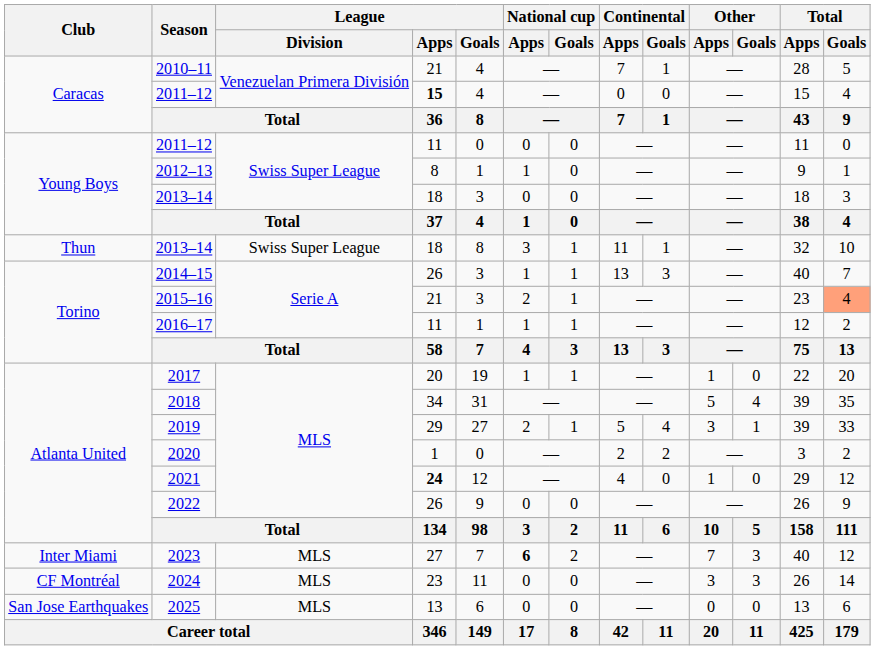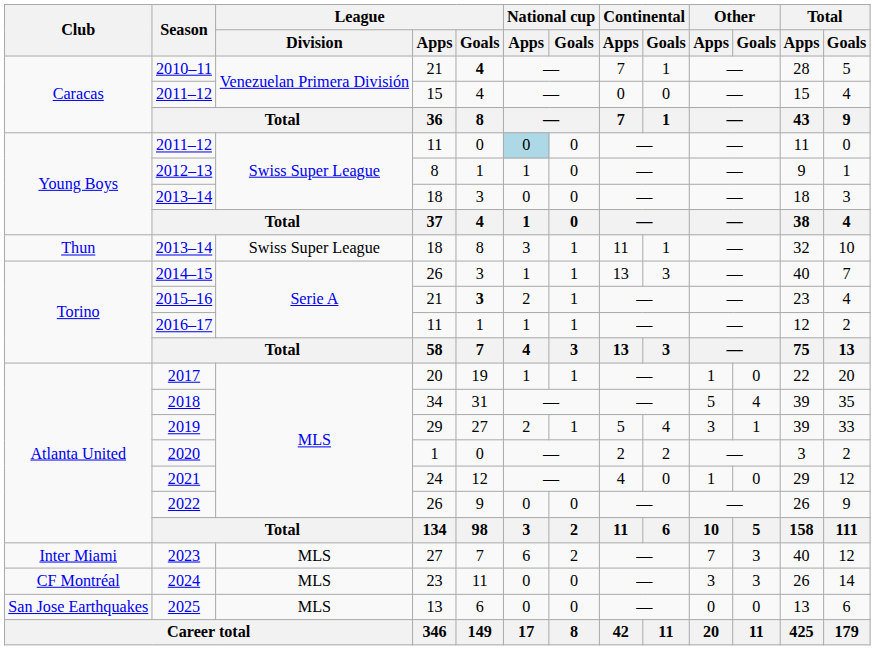 <table class="wikitable" style="text-align:center">
 <tr>
 <th rowspan="2">Club</th>
 <th rowspan="2">Season</th>
 <th colspan="3">League</th>
 <th colspan="2">National cup</th>
 <th colspan="2">Continental</th>
 <th colspan="2">Other</th>
 <th colspan="2">Total</th>
 </tr>
 <tr>
 <th>Division</th>
 <th>Apps</th>
 <th>Goals</th>
 <th>Apps</th>
 <th>Goals</th>
 <th>Apps</th>
 <th>Goals</th>
 <th>Apps</th>
 <th>Goals</th>
 <th>Apps</th>
 <th>Goals</th>
 </tr>
 <tr>
 <td rowspan="3"><a href='#'>Caracas</a></td>
 <td><a href='#'>2010–11</a></td>
 <td rowspan="2"><a href='#'>Venezuelan Primera División</a></td>
 <td>21</td>
-<td>4</td>
+<td><strong>4</strong></td>
 <td colspan="2">—</td>
 <td>7</td>
 <td>1</td>
 <td colspan="2">—</td>
 <td>28</td>
 <td>5</td>
 </tr>
 <tr>
 <td><a href='#'>2011–12</a></td>
-<td><strong>15</strong></td>
+<td>15</td>
 <td>4</td>
 <td colspan="2">—</td>
 <td>0</td>
 <td>0</td>
 <td colspan="2">—</td>
 <td>15</td>
 <td>4</td>
 </tr>
 <tr>
 <th colspan="2">Total</th>
 <th>36</th>
 <th>8</th>
 <th colspan="2">—</th>
 <th>7</th>
 <th>1</th>
 <th colspan="2">—</th>
 <th>43</th>
 <th>9</th>
 </tr>
 <tr>
 <td rowspan="4"><a href='#'>Young Boys</a></td>
 <td><a href='#'>2011–12</a></td>
 <td rowspan="3"><a href='#'>Swiss Super League</a></td>
 <td>11</td>
 <td>0</td>
-<td>0</td>
+<td style="background: lightblue;">0</td>
 <td>0</td>
 <td colspan="2">—</td>
 <td colspan="2">—</td>
 <td>11</td>
 <td>0</td>
 </tr>
 <tr>
 <td><a href='#'>2012–13</a></td>
 <td>8</td>
 <td>1</td>
 <td>1</td>
 <td>0</td>
 <td colspan="2">—</td>
 <td colspan="2">—</td>
 <td>9</td>
 <td>1</td>
 </tr>
 <tr>
 <td><a href='#'>2013–14</a></td>
 <td>18</td>
 <td>3</td>
 <td>0</td>
 <td>0</td>
 <td colspan="2">—</td>
 <td colspan="2">—</td>
 <td>18</td>
 <td>3</td>
 </tr>
 <tr>
 <th colspan="2">Total</th>
 <th>37</th>
 <th>4</th>
 <th>1</th>
 <th>0</th>
 <th colspan="2">—</th>
 <th colspan="2">—</th>
 <th>38</th>
 <th>4</th>
 </tr>
 <tr>
 <td><a href='#'>Thun</a></td>
 <td><a href='#'>2013–14</a></td>
 <td>Swiss Super League</td>
 <td>18</td>
 <td>8</td>
 <td>3</td>
 <td>1</td>
 <td>11</td>
 <td>1</td>
 <td colspan="2">—</td>
 <td>32</td>
 <td>10</td>
 </tr>
 <tr>
 <td rowspan="4"><a href='#'>Torino</a></td>
 <td><a href='#'>2014–15</a></td>
 <td rowspan="3"><a href='#'>Serie A</a></td>
 <td>26</td>
 <td>3</td>
 <td>1</td>
 <td>1</td>
 <td>13</td>
 <td>3</td>
 <td colspan="2">—</td>
 <td>40</td>
 <td>7</td>
 </tr>
 <tr>
 <td><a href='#'>2015–16</a></td>
 <td>21</td>
-<td>3</td>
+<td><strong>3</strong></td>
 <td>2</td>
 <td>1</td>
 <td colspan="2">—</td>
 <td colspan="2">—</td>
 <td>23</td>
-<td style="background: lightsalmon;">4</td>
+<td>4</td>
 </tr>
 <tr>
 <td><a href='#'>2016–17</a></td>
 <td>11</td>
 <td>1</td>
 <td>1</td>
 <td>1</td>
 <td colspan="2">—</td>
 <td colspan="2">—</td>
 <td>12</td>
 <td>2</td>
 </tr>
 <tr>
 <th colspan="2">Total</th>
 <th>58</th>
 <th>7</th>
 <th>4</th>
 <th>3</th>
 <th>13</th>
 <th>3</th>
 <th colspan="2">—</th>
 <th>75</th>
 <th>13</th>
 </tr>
 <tr>
 <td rowspan="7"><a href='#'>Atlanta United</a></td>
 <td><a href='#'>2017</a></td>
 <td rowspan="6"><a href='#'>MLS</a></td>
 <td>20</td>
 <td>19</td>
 <td>1</td>
 <td>1</td>
 <td colspan="2">—</td>
 <td>1</td>
 <td>0</td>
 <td>22</td>
 <td>20</td>
 </tr>
 <tr>
 <td><a href='#'>2018</a></td>
 <td>34</td>
 <td>31</td>
 <td colspan="2">—</td>
 <td colspan="2">—</td>
 <td>5</td>
 <td>4</td>
 <td>39</td>
 <td>35</td>
 </tr>
 <tr>
 <td><a href='#'>2019</a></td>
 <td>29</td>
 <td>27</td>
 <td>2</td>
 <td>1</td>
 <td>5</td>
 <td>4</td>
 <td>3</td>
 <td>1</td>
 <td>39</td>
 <td>33</td>
 </tr>
 <tr>
 <td><a href='#'>2020</a></td>
 <td>1</td>
 <td>0</td>
 <td colspan="2">—</td>
 <td>2</td>
 <td>2</td>
 <td colspan="2">—</td>
 <td>3</td>
 <td>2</td>
 </tr>
 <tr>
 <td><a href='#'>2021</a></td>
-<td><strong>24</strong></td>
+<td>24</td>
 <td>12</td>
 <td colspan="2">—</td>
 <td>4</td>
 <td>0</td>
 <td>1</td>
 <td>0</td>
 <td>29</td>
 <td>12</td>
 </tr>
 <tr>
 <td><a href='#'>2022</a></td>
 <td>26</td>
 <td>9</td>
 <td>0</td>
 <td>0</td>
 <td colspan="2">—</td>
 <td colspan="2">—</td>
 <td>26</td>
 <td>9</td>
 </tr>
 <tr>
 <th colspan="2">Total</th>
 <th>134</th>
 <th>98</th>
 <th>3</th>
 <th>2</th>
 <th>11</th>
 <th>6</th>
 <th>10</th>
 <th>5</th>
 <th>158</th>
 <th>111</th>
 </tr>
 <tr>
 <td><a href='#'>Inter Miami</a></td>
 <td><a href='#'>2023</a></td>
 <td>MLS</td>
 <td>27</td>
 <td>7</td>
-<td><strong>6</strong></td>
+<td>6</td>
 <td>2</td>
 <td colspan="2">—</td>
 <td>7</td>
 <td>3</td>
 <td>40</td>
 <td>12</td>
 </tr>
 <tr>
 <td><a href='#'>CF Montréal</a></td>
 <td><a href='#'>2024</a></td>
 <td>MLS</td>
 <td>23</td>
 <td>11</td>
 <td>0</td>
 <td>0</td>
 <td colspan="2">—</td>
 <td>3</td>
 <td>3</td>
 <td>26</td>
 <td>14</td>
 </tr>
 <tr>
 <td><a href='#'>San Jose Earthquakes</a></td>
 <td><a href='#'>2025</a></td>
 <td>MLS</td>
 <td>13</td>
 <td>6</td>
 <td>0</td>
 <td>0</td>
 <td colspan="2">—</td>
 <td>0</td>
 <td>0</td>
 <td>13</td>
 <td>6</td>
 </tr>
 <tr>
 <th colspan="3">Career total</th>
 <th>346</th>
 <th>149</th>
 <th>17</th>
 <th>8</th>
 <th>42</th>
 <th>11</th>
 <th>20</th>
 <th>11</th>
 <th>425</th>
 <th>179</th>
 </tr>
 </table>
